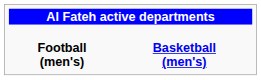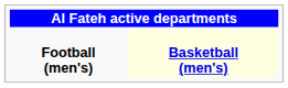 <table class="infobox" style="width: 20em; font-size: 95%em;">
 <tr style="color:white; background:blue; text-align:center;">
 <th colspan="2" style="text-align: center">Al Fateh active departments</th>
 </tr>
 <tr style="text-align: center">
 <td><br><strong>Football<br>(men's)</strong></td>
-<td><br><strong><a href='#'>Basketball<br>(men's)</a></strong></td>
+<td style="background: lightyellow;"><br><strong><a href='#'>Basketball<br>(men's)</a></strong></td>
 </tr>
 </table>
